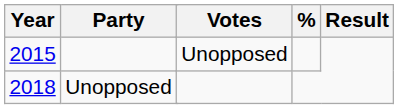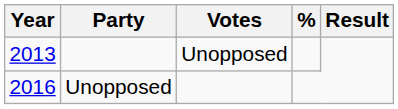 <table class="wikitable">
 <tr>
 <th>Year</th>
 <th colspan="2">Party</th>
 <th>Votes</th>
 <th>%</th>
 <th>Result</th>
 </tr>
 <tr>
-<td><a href='#'>2015</a></td>
+<td><a href='#'>2013</a></td>
 <td></td>
 <td colspan="2">Unopposed</td>
 <td></td>
 </tr>
 <tr>
-<td><a href='#'>2018</a></td>
+<td><a href='#'>2016</a></td>
 <td colspan="2">Unopposed</td>
 <td></td>
 </tr>
 </table>
